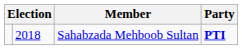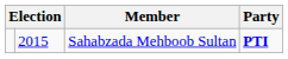 <table class="wikitable">
 <tr>
 <th colspan="2">Election</th>
 <th>Member</th>
 <th>Party</th>
 </tr>
 <tr>
 <td style="background-color: "></td>
-<td><a href='#'>2018</a></td>
+<td><a href='#'>2015</a></td>
 <td><a href='#'>Sahabzada Mehboob Sultan</a></td>
 <td><strong><a href='#'>PTI</a></strong></td>
 </tr>
 </table>
